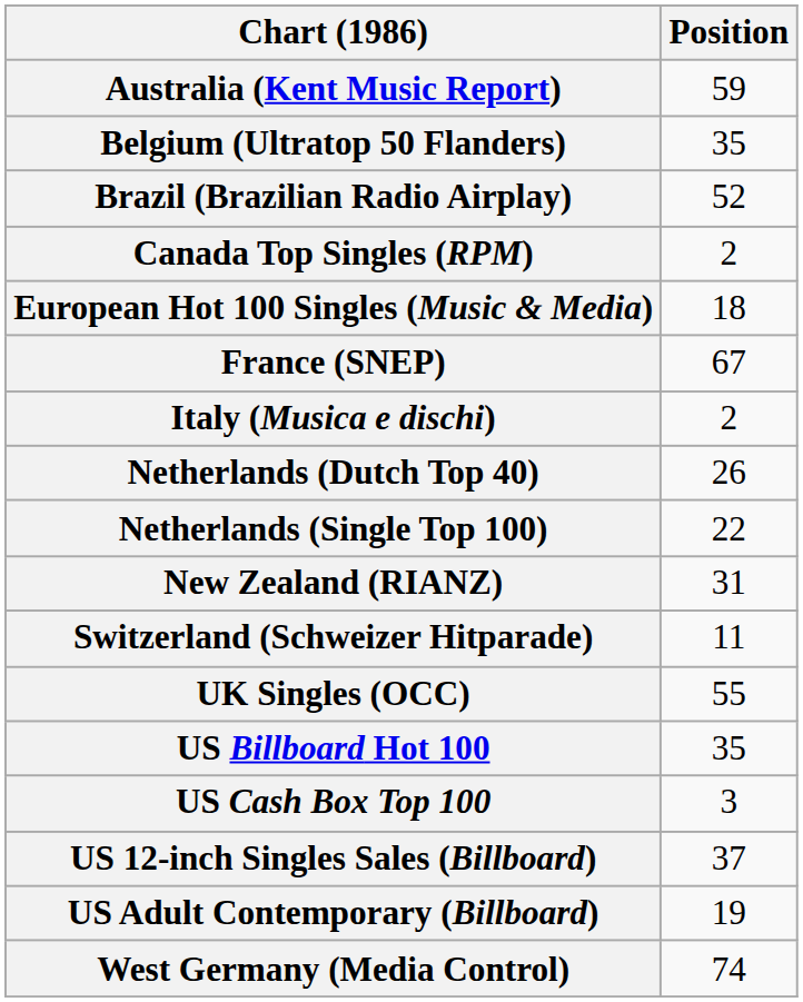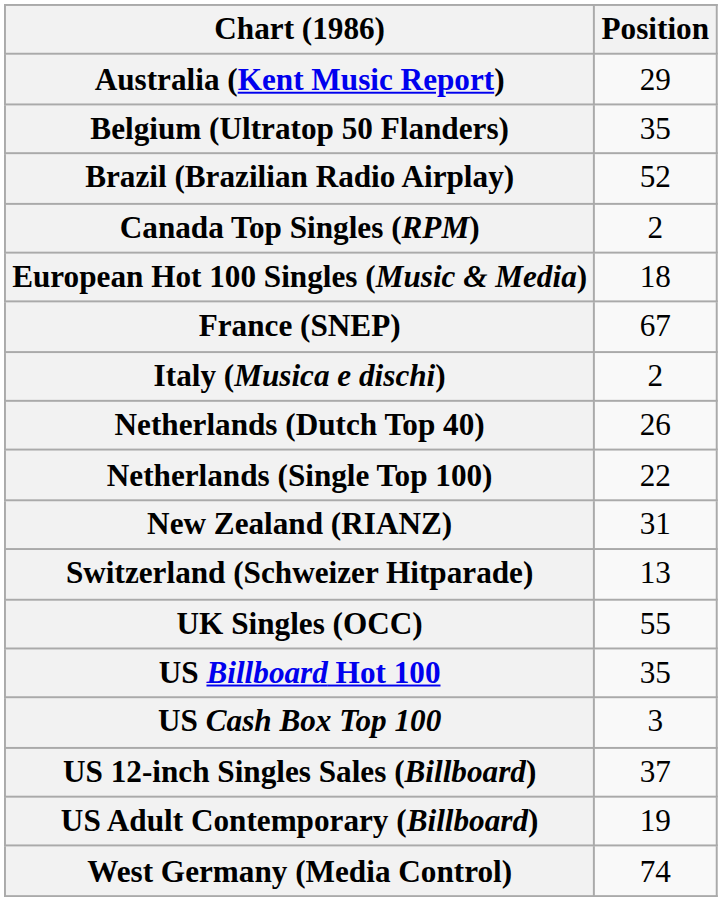 <table class="wikitable sortable plainrowheaders" style="text-align:center">
 <tr>
 <th scope="col">Chart (1986)</th>
 <th scope="col">Position</th>
 </tr>
 <tr>
 <th scope="row">Australia (<a href='#'>Kent Music Report</a>)</th>
-<td>59</td>
+<td>29</td>
 </tr>
 <tr>
 <th scope="row">Belgium (Ultratop 50 Flanders)</th>
 <td>35</td>
 </tr>
 <tr>
 <th scope="row">Brazil (Brazilian Radio Airplay)</th>
 <td>52</td>
 </tr>
 <tr>
 <th scope="row">Canada Top Singles (<em>RPM</em>)</th>
 <td>2</td>
 </tr>
 <tr>
 <th scope="row">European Hot 100 Singles (<em>Music & Media</em>)</th>
 <td>18</td>
 </tr>
 <tr>
 <th scope="row">France (SNEP)</th>
 <td>67</td>
 </tr>
 <tr>
 <th scope="row">Italy (<em>Musica e dischi</em>)</th>
 <td>2</td>
 </tr>
 <tr>
 <th scope="row">Netherlands (Dutch Top 40)</th>
 <td>26</td>
 </tr>
 <tr>
 <th scope="row">Netherlands (Single Top 100)</th>
 <td>22</td>
 </tr>
 <tr>
 <th scope="row">New Zealand (RIANZ)</th>
 <td>31</td>
 </tr>
 <tr>
 <th scope="row">Switzerland (Schweizer Hitparade)</th>
-<td>11</td>
+<td>13</td>
 </tr>
 <tr>
 <th scope="row">UK Singles (OCC)</th>
 <td>55</td>
 </tr>
 <tr>
 <th scope="row">US <a href='#'><em>Billboard</em> Hot 100</a></th>
 <td>35</td>
 </tr>
 <tr>
 <th scope="row">US <em>Cash Box Top 100</em></th>
 <td>3</td>
 </tr>
 <tr>
 <th scope="row">US 12-inch Singles Sales (<em>Billboard</em>)</th>
 <td>37</td>
 </tr>
 <tr>
 <th scope="row">US Adult Contemporary (<em>Billboard</em>)</th>
 <td>19</td>
 </tr>
 <tr>
 <th scope="row">West Germany (Media Control)</th>
 <td>74</td>
 </tr>
 </table>
